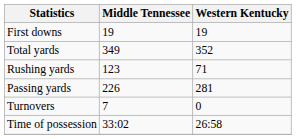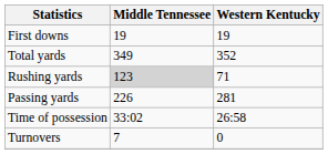 <table class="wikitable">
 <tr>
 <th>Statistics</th>
 <th>Middle Tennessee</th>
 <th>Western Kentucky</th>
 </tr>
 <tr>
 <td>First downs</td>
 <td>19</td>
 <td>19</td>
 </tr>
 <tr>
 <td>Total yards</td>
 <td>349</td>
 <td>352</td>
 </tr>
 <tr>
 <td>Rushing yards</td>
-<td>123</td>
+<td style="background: lightgrey;">123</td>
 <td>71</td>
 </tr>
 <tr>
 <td>Passing yards</td>
 <td>226</td>
 <td>281</td>
 </tr>
 <tr>
+<td>Time of possession</td>
+<td>33:02</td>
+<td>26:58</td>
+</tr>
+<tr>
 <td>Turnovers</td>
 <td>7</td>
 <td>0</td>
 </tr>
 <tr>
-<td>Time of possession</td>
-<td>33:02</td>
-<td>26:58</td>
-</tr>
-<tr>
 </tr>
 </table>
